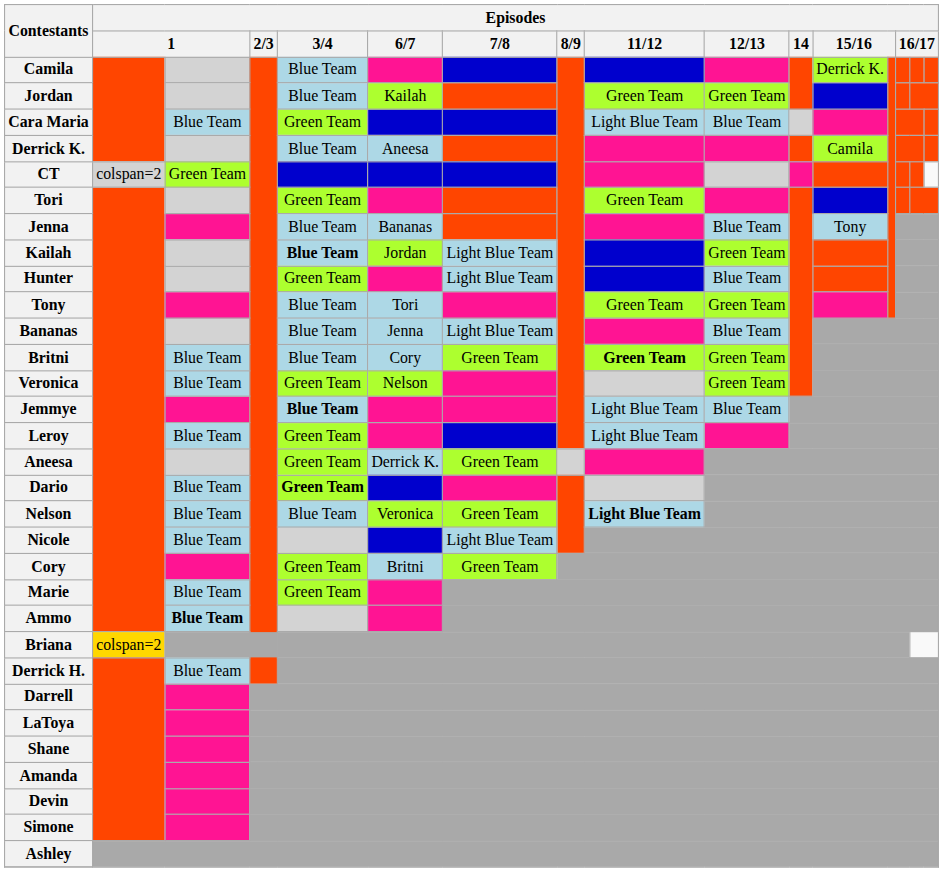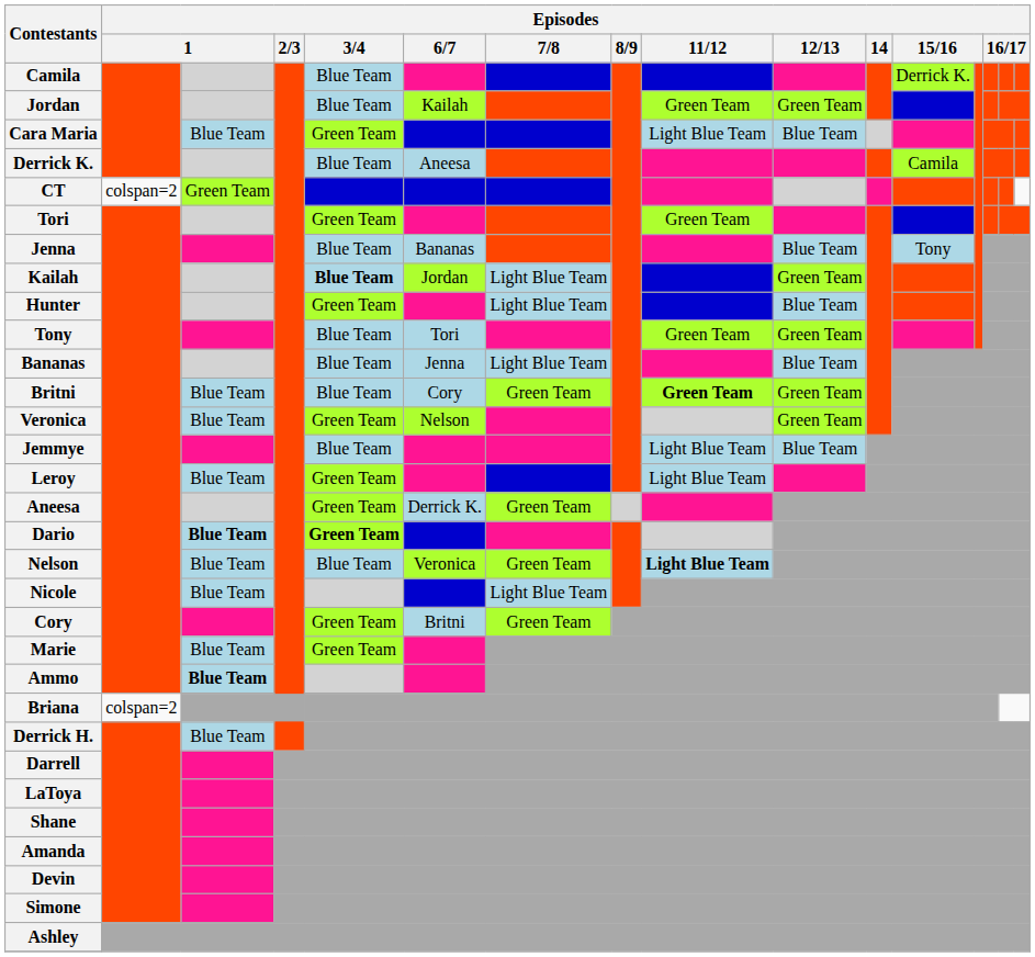 <table class="wikitable sortable"style="text-align:center; font-size:90%; white-space:nowrap;">
 <tr>
 <th rowspan=2>Contestants</th>
 <th colspan="28">Episodes</th>
 </tr>
 <tr>
 <th colspan=2>1</th>
 <th>2/3</th>
 <th>3/4</th>
 <th>6/7</th>
 <th>7/8</th>
 <th>8/9</th>
 <th>11/12</th>
 <th>12/13</th>
 <th>14</th>
 <th colspan="2">15/16</th>
 <th colspan="3">16/17</th>
 </tr>
 <tr>
 <th>Camila</th>
 <td bgcolor="orangered" rowspan="4"></td>
 <td bgcolor="lightgrey"></td>
 <td bgcolor="orangered" rowspan="24"></td>
 <td bgcolor="lightblue">Blue Team</td>
 <td bgcolor="deeppink"></td>
 <td bgcolor="mediumblue"></td>
 <td bgcolor="orangered" rowspan="15"></td>
 <td bgcolor="mediumblue"></td>
 <td bgcolor="deeppink"></td>
 <td bgcolor="orangered" rowspan="2"></td>
 <td bgcolor="greenyellow">Derrick K.</td>
 <td bgcolor="orangered" rowspan="10"></td>
 <td bgcolor="orangered"></td>
 <td bgcolor="orangered"></td>
 <td bgcolor="orangered"></td>
 </tr>
 <tr>
 <th>Jordan</th>
 <td bgcolor="lightgrey"></td>
 <td bgcolor="lightblue">Blue Team</td>
 <td bgcolor="greenyellow">Kailah</td>
 <td bgcolor="orangered"></td>
 <td bgcolor="greenyellow">Green Team</td>
 <td bgcolor="greenyellow">Green Team</td>
 <td bgcolor="mediumblue"></td>
 <td bgcolor="orangered"></td>
 <td colspan="2" bgcolor="orangered"></td>
 </tr>
 <tr>
 <th nowrap>Cara Maria</th>
 <td bgcolor="lightblue">Blue Team</td>
 <td bgcolor="greenyellow">Green Team</td>
 <td bgcolor="mediumblue"></td>
 <td bgcolor="mediumblue"></td>
 <td bgcolor="lightblue">Light Blue Team</td>
 <td bgcolor="lightblue">Blue Team</td>
 <td bgcolor="lightgrey"></td>
 <td bgcolor="deeppink"></td>
 <td colspan="2" bgcolor="orangered"></td>
 <td bgcolor="orangered"></td>
 </tr>
 <tr>
 <th nowrap>Derrick K.</th>
 <td bgcolor="lightgrey"></td>
 <td bgcolor="lightblue">Blue Team</td>
 <td bgcolor="lightblue">Aneesa</td>
 <td bgcolor="orangered"></td>
 <td bgcolor="deeppink"></td>
 <td bgcolor="deeppink"></td>
 <td bgcolor="orangered" rowspan="1"></td>
 <td bgcolor="greenyellow">Camila</td>
 <td colspan="2" bgcolor="orangered"></td>
 <td bgcolor="orangered"></td>
 </tr>
 <tr>
 <th>CT</th>
-<td style="background: lightgrey;">colspan=2 </td>
+<td>colspan=2 </td>
 <td bgcolor="greenyellow">Green Team</td>
 <td bgcolor="mediumblue" nowrap></td>
 <td bgcolor="mediumblue"></td>
 <td bgcolor="mediumblue"></td>
 <td bgcolor="deeppink"></td>
 <td bgcolor="lightgrey"></td>
 <td bgcolor="deeppink" nowrap></td>
 <td bgcolor="orangered"></td>
 <td bgcolor="orangered"></td>
 <td bgcolor="orangered"></td>
 </tr>
 <tr>
 <th>Tori</th>
 <td bgcolor="orangered" rowspan="17"></td>
 <td bgcolor="lightgrey"></td>
 <td bgcolor="greenyellow">Green Team</td>
 <td bgcolor="deeppink"></td>
 <td bgcolor="orangered"></td>
 <td bgcolor="greenyellow">Green Team</td>
 <td bgcolor="deeppink"></td>
 <td bgcolor="orangered" rowspan="8"></td>
 <td bgcolor="mediumblue"></td>
 <td bgcolor="orangered"></td>
 <td colspan="2" bgcolor="orangered"></td>
 </tr>
 <tr>
 <th>Jenna</th>
 <td bgcolor="deeppink"></td>
 <td bgcolor="lightblue">Blue Team</td>
 <td bgcolor="lightblue">Bananas</td>
 <td bgcolor="orangered"></td>
 <td bgcolor="deeppink"></td>
 <td bgcolor="lightblue">Blue Team</td>
 <td bgcolor="lightblue">Tony</td>
 <td colspan="3"bgcolor="darkgray"></td>
 </tr>
 <tr>
 <th>Kailah</th>
 <td bgcolor="lightgrey"></td>
 <td bgcolor="lightblue"><strong>Blue Team</strong></td>
 <td bgcolor="greenyellow">Jordan</td>
 <td bgcolor="lightblue">Light Blue Team</td>
 <td bgcolor="mediumblue"></td>
 <td bgcolor="greenyellow">Green Team</td>
 <td bgcolor="orangered"></td>
 <td colspan="3"bgcolor="darkgray"></td>
 </tr>
 <tr>
 <th>Hunter</th>
 <td bgcolor="lightgrey"></td>
 <td bgcolor="greenyellow">Green Team</td>
 <td bgcolor="deeppink"></td>
 <td bgcolor="lightblue">Light Blue Team</td>
 <td bgcolor="mediumblue"></td>
 <td bgcolor="lightblue">Blue Team</td>
 <td bgcolor="orangered"></td>
 <td colspan="3"bgcolor="darkgray"></td>
 </tr>
 <tr>
 <th>Tony</th>
 <td bgcolor="deeppink"></td>
 <td bgcolor="lightblue">Blue Team</td>
 <td bgcolor="lightblue">Tori</td>
 <td bgcolor="deeppink"></td>
 <td bgcolor="greenyellow">Green Team</td>
 <td bgcolor="greenyellow">Green Team</td>
 <td bgcolor="deeppink"></td>
 <td colspan="3"bgcolor="darkgray"></td>
 </tr>
 <tr>
 <th>Bananas</th>
 <td bgcolor="lightgrey"></td>
 <td bgcolor="lightblue">Blue Team</td>
 <td bgcolor="lightblue">Jenna</td>
 <td bgcolor="lightblue">Light Blue Team</td>
 <td bgcolor="deeppink"></td>
 <td bgcolor="lightblue">Blue Team</td>
 <td colspan="5"bgcolor="darkgrey"></td>
 </tr>
 <tr>
 <th>Britni</th>
 <td bgcolor="lightblue">Blue Team</td>
 <td bgcolor="lightblue">Blue Team</td>
 <td bgcolor="lightblue">Cory</td>
 <td bgcolor="greenyellow">Green Team</td>
 <td bgcolor="greenyellow"><strong>Green Team</strong></td>
 <td bgcolor="greenyellow">Green Team</td>
 <td colspan="5"bgcolor="darkgrey"></td>
 </tr>
 <tr>
 <th>Veronica</th>
 <td bgcolor="lightblue">Blue Team</td>
 <td bgcolor="greenyellow">Green Team</td>
 <td bgcolor="greenyellow">Nelson</td>
 <td bgcolor="deeppink"></td>
 <td bgcolor="lightgrey"></td>
 <td bgcolor="greenyellow">Green Team</td>
 <td colspan="5"bgcolor="darkgrey"></td>
 </tr>
 <tr>
 <th>Jemmye</th>
 <td bgcolor="deeppink"></td>
-<td bgcolor="lightblue"><strong>Blue Team</strong></td>
+<td bgcolor="lightblue">Blue Team</td>
 <td bgcolor="deeppink"></td>
 <td bgcolor="deeppink"></td>
 <td bgcolor="lightblue">Light Blue Team</td>
 <td bgcolor="lightblue">Blue Team</td>
 <td colspan="6"bgcolor="darkgrey"></td>
 </tr>
 <tr>
 <th>Leroy</th>
 <td bgcolor="lightblue">Blue Team</td>
 <td bgcolor="greenyellow">Green Team</td>
 <td bgcolor="deeppink"></td>
 <td bgcolor="mediumblue"></td>
 <td bgcolor="lightblue">Light Blue Team</td>
 <td bgcolor="deeppink"></td>
 <td colspan="6"bgcolor="darkgrey"></td>
 </tr>
 <tr>
 <th>Aneesa</th>
 <td bgcolor="lightgrey"></td>
 <td bgcolor="greenyellow">Green Team</td>
 <td bgcolor="lightblue" nowrap>Derrick K.</td>
 <td bgcolor="greenyellow">Green Team</td>
 <td bgcolor="lightgrey"></td>
 <td bgcolor="deeppink"></td>
 <td colspan="7"bgcolor="darkgrey"></td>
 </tr>
 <tr>
 <th>Dario</th>
-<td bgcolor="lightblue">Blue Team</td>
+<td bgcolor="lightblue"><strong>Blue Team</strong></td>
 <td bgcolor="greenyellow"><strong>Green Team</strong></td>
 <td bgcolor="mediumblue"></td>
 <td bgcolor="deeppink"></td>
 <td bgcolor="orangered" rowspan="3"></td>
 <td bgcolor="lightgrey"></td>
 <td colspan="7"bgcolor="darkgrey"></td>
 </tr>
 <tr>
 <th>Nelson</th>
 <td bgcolor="lightblue">Blue Team</td>
 <td bgcolor="lightblue">Blue Team</td>
 <td bgcolor="greenyellow">Veronica</td>
 <td bgcolor="greenyellow">Green Team</td>
 <td bgcolor="lightblue"><strong>Light Blue Team</strong></td>
 <td colspan="7"bgcolor="darkgrey"></td>
 </tr>
 <tr>
 <th>Nicole</th>
 <td bgcolor="lightblue">Blue Team</td>
 <td bgcolor="lightgrey"></td>
 <td bgcolor="mediumblue"></td>
 <td bgcolor="lightblue">Light Blue Team</td>
 <td colspan="8"bgcolor="darkgrey"></td>
 </tr>
 <tr>
 <th>Cory</th>
 <td bgcolor="deeppink"></td>
 <td bgcolor="greenyellow">Green Team</td>
 <td bgcolor="lightblue">Britni</td>
 <td bgcolor="greenyellow">Green Team</td>
 <td colspan="9"bgcolor="darkgrey"></td>
 </tr>
 <tr>
 <th>Marie</th>
 <td bgcolor="lightblue">Blue Team</td>
 <td bgcolor="greenyellow">Green Team</td>
 <td bgcolor="deeppink"></td>
 <td colspan="10"bgcolor="darkgrey"></td>
 </tr>
 <tr>
 <th>Ammo</th>
 <td bgcolor="lightblue"><strong>Blue Team</strong></td>
 <td bgcolor="lightgrey"></td>
 <td bgcolor="deeppink"></td>
 <td colspan="10"bgcolor="darkgrey"></td>
 </tr>
 <tr>
 <th>Briana</th>
-<td style="background: gold;">colspan=2 </td>
+<td>colspan=2 </td>
 <td colspan="12"bgcolor="darkgrey"></td>
 </tr>
 <tr>
 <th nowrap>Derrick H.</th>
 <td bgcolor="orangered" rowspan="7"></td>
 <td bgcolor="lightblue">Blue Team</td>
 <td colspan="12"bgcolor="darkgrey"></td>
 </tr>
 <tr>
 <th>Darrell</th>
 <td bgcolor="deeppink"></td>
 <td colspan="13"bgcolor="darkgrey"></td>
 </tr>
 <tr>
 <th>LaToya</th>
 <td bgcolor="deeppink"></td>
 <td colspan="13"bgcolor="darkgrey"></td>
 </tr>
 <tr>
 <th>Shane</th>
 <td bgcolor="deeppink"></td>
 <td colspan="13"bgcolor="darkgrey"></td>
 </tr>
 <tr>
 <th>Amanda</th>
 <td bgcolor="deeppink"></td>
 <td colspan="13"bgcolor="darkgrey"></td>
 </tr>
 <tr>
 <th>Devin</th>
 <td bgcolor="deeppink"></td>
 <td colspan="13"bgcolor="darkgrey"></td>
 </tr>
 <tr>
 <th>Simone</th>
 <td bgcolor="deeppink"></td>
 <td colspan="13"bgcolor="darkgrey"></td>
 </tr>
 <tr>
 <th>Ashley</th>
 <td colspan="15"bgcolor="darkgrey"></td>
 </tr>
 <tr>
 </tr>
 </table>
